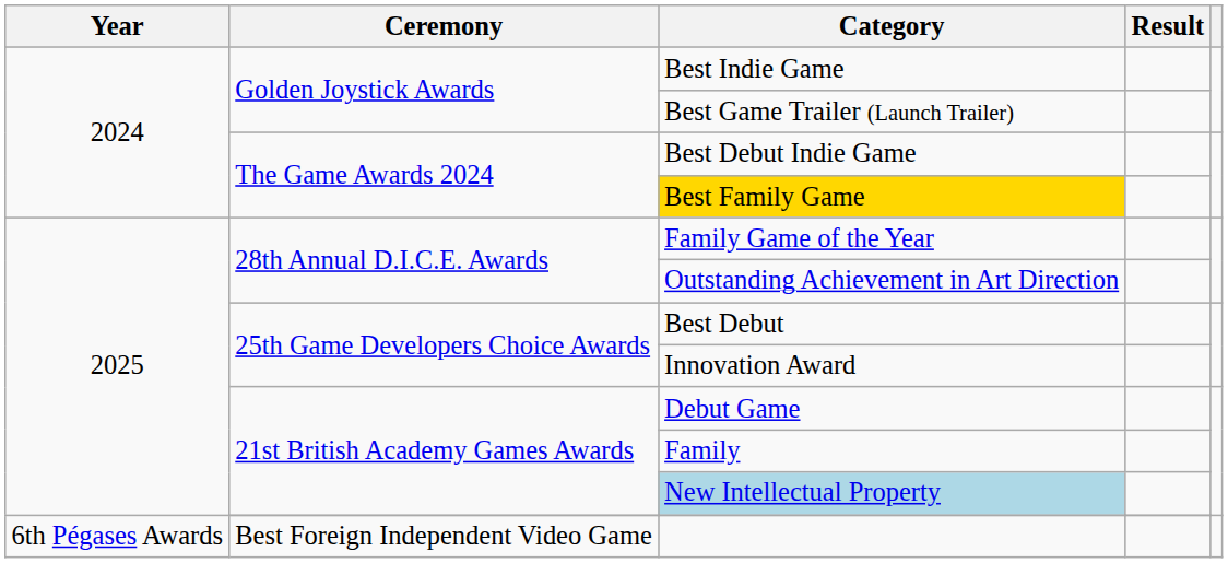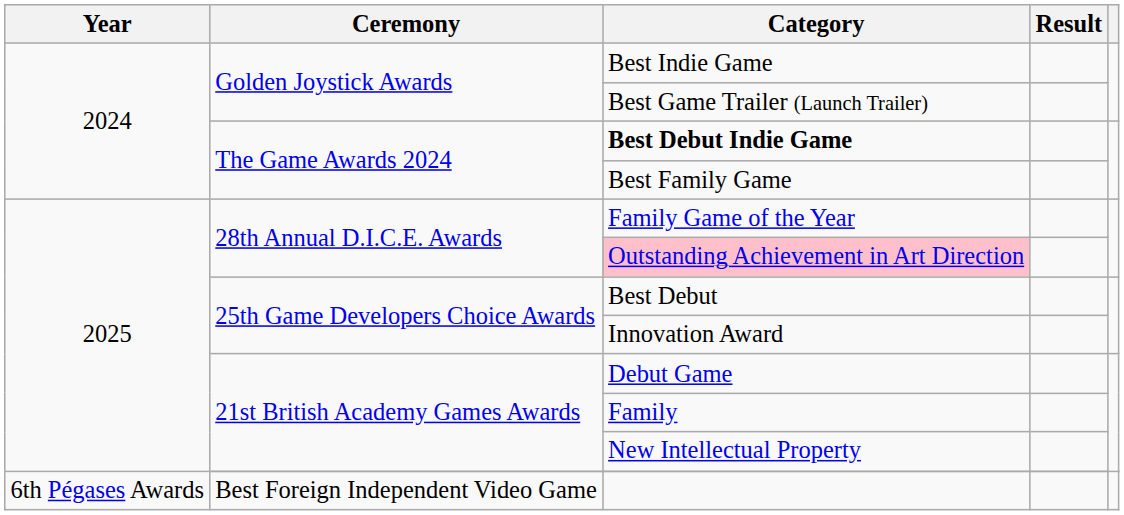 <table class="wikitable plainrowheaders sortable" width="auto">
 <tr>
 <th scope="col">Year</th>
 <th scope="col">Ceremony</th>
 <th scope="col">Category</th>
 <th scope="col">Result</th>
 <th scope="col" class="unsortable"></th>
 </tr>
 <tr>
 <td style="text-align:center;" rowspan="4">2024</td>
 <td rowspan="2"><a href='#'>Golden Joystick Awards</a></td>
 <td>Best Indie Game</td>
 <td></td>
 <td rowspan="2" style="text-align:center;"></td>
 </tr>
 <tr>
 <td>Best Game Trailer <small>(Launch Trailer)</small></td>
 <td></td>
 </tr>
 <tr>
 <td rowspan="2"><a href='#'>The Game Awards 2024</a></td>
-<td>Best Debut Indie Game</td>
+<td><strong>Best Debut Indie Game</strong></td>
 <td></td>
 <td rowspan="2" style="text-align:center;"></td>
 </tr>
 <tr>
-<td style="background: gold;">Best Family Game</td>
+<td>Best Family Game</td>
 <td></td>
 </tr>
 <tr>
 <td rowspan="8" style="text-align:center;">2025</td>
 <td rowspan="2"><a href='#'>28th Annual D.I.C.E. Awards</a></td>
 <td><a href='#'>Family Game of the Year</a></td>
 <td></td>
 <td rowspan="2" style="text-align:center;"></td>
 </tr>
 <tr>
-<td><a href='#'>Outstanding Achievement in Art Direction</a></td>
+<td style="background: pink;"><a href='#'>Outstanding Achievement in Art Direction</a></td>
 <td></td>
 </tr>
 <tr>
 <td rowspan="2"><a href='#'>25th Game Developers Choice Awards</a></td>
 <td>Best Debut</td>
 <td></td>
 <td rowspan="2" style="text-align:center;"></td>
 </tr>
 <tr>
 <td>Innovation Award</td>
 <td></td>
 </tr>
 <tr>
 <td rowspan="3"><a href='#'>21st British Academy Games Awards</a></td>
 <td><a href='#'>Debut Game</a></td>
 <td></td>
 <td align="center" rowspan="3"></td>
 </tr>
 <tr>
 <td><a href='#'>Family</a></td>
 <td></td>
 </tr>
 <tr>
-<td style="background: lightblue;"><a href='#'>New Intellectual Property</a></td>
+<td><a href='#'>New Intellectual Property</a></td>
 <td></td>
 </tr>
 <tr>
 </tr>
 <tr>
 <td>6th <a href='#'>Pégases</a> Awards</td>
 <td>Best Foreign Independent Video Game</td>
 <td></td>
 <td align="center"></td>
 </tr>
 </table>
